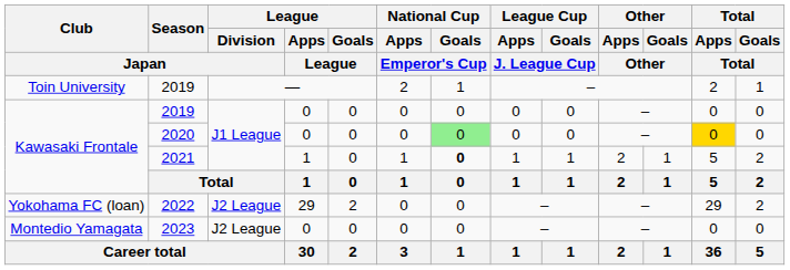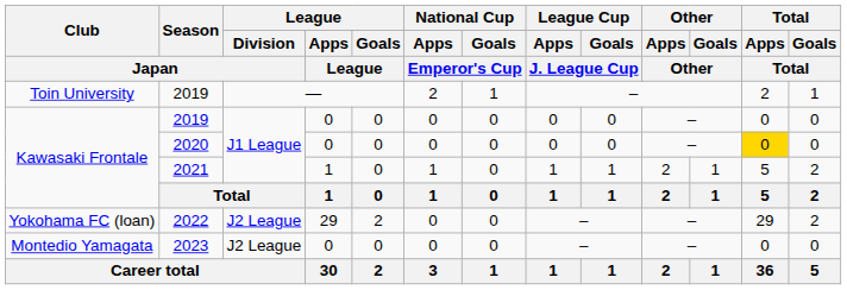 <table class="wikitable" style="text-align: center">
 <tr>
 <th rowspan="2">Club</th>
 <th rowspan="2">Season</th>
 <th colspan="3">League</th>
 <th colspan="2">National Cup</th>
 <th colspan="2">League Cup</th>
 <th colspan="2">Other</th>
 <th colspan="2">Total</th>
 </tr>
 <tr>
 <th>Division</th>
 <th>Apps</th>
 <th>Goals</th>
 <th>Apps</th>
 <th>Goals</th>
 <th>Apps</th>
 <th>Goals</th>
 <th>Apps</th>
 <th>Goals</th>
 <th>Apps</th>
 <th>Goals</th>
 </tr>
 <tr>
 <th colspan=3>Japan</th>
 <th colspan=2>League</th>
 <th colspan=2><a href='#'>Emperor's Cup</a></th>
 <th colspan=2><a href='#'>J. League Cup</a></th>
 <th colspan=2>Other</th>
 <th colspan=2>Total</th>
 </tr>
 <tr>
 <td><a href='#'>Toin University</a></td>
 <td>2019</td>
 <td colspan="3">—</td>
 <td>2</td>
 <td>1</td>
 <td colspan="4">–</td>
 <td>2</td>
 <td>1</td>
 </tr>
 <tr>
 <td rowspan="4"><a href='#'>Kawasaki Frontale</a></td>
 <td><a href='#'>2019</a></td>
 <td rowspan="3"><a href='#'>J1 League</a></td>
 <td>0</td>
 <td>0</td>
 <td>0</td>
 <td>0</td>
 <td>0</td>
 <td>0</td>
 <td colspan="2">–</td>
 <td>0</td>
 <td>0</td>
 </tr>
 <tr>
 <td><a href='#'>2020</a></td>
 <td>0</td>
 <td>0</td>
 <td>0</td>
-<td style="background: lightgreen;">0</td>
+<td>0</td>
 <td>0</td>
 <td>0</td>
 <td colspan="2">–</td>
 <td style="background: gold;">0</td>
 <td>0</td>
 </tr>
 <tr>
 <td><a href='#'>2021</a></td>
 <td>1</td>
 <td>0</td>
 <td>1</td>
-<td><strong>0</strong></td>
+<td>0</td>
 <td>1</td>
 <td>1</td>
 <td>2</td>
 <td>1</td>
 <td>5</td>
 <td>2</td>
 </tr>
 <tr>
 <th colspan=2>Total</th>
 <th>1</th>
 <th>0</th>
 <th>1</th>
 <th>0</th>
 <th>1</th>
 <th>1</th>
 <th>2</th>
 <th>1</th>
 <th>5</th>
 <th>2</th>
 </tr>
 <tr>
 <td><a href='#'>Yokohama FC</a> (loan)</td>
 <td><a href='#'>2022</a></td>
 <td><a href='#'>J2 League</a></td>
 <td>29</td>
 <td>2</td>
 <td>0</td>
 <td>0</td>
 <td colspan="2">–</td>
 <td colspan="2">–</td>
 <td>29</td>
 <td>2</td>
 </tr>
 <tr>
 <td><a href='#'>Montedio Yamagata</a></td>
 <td><a href='#'>2023</a></td>
 <td>J2 League</td>
 <td>0</td>
 <td>0</td>
 <td>0</td>
 <td>0</td>
 <td colspan="2">–</td>
 <td colspan="2">–</td>
 <td>0</td>
 <td>0</td>
 </tr>
 <tr>
 <th colspan=3>Career total</th>
 <th>30</th>
 <th>2</th>
 <th>3</th>
 <th>1</th>
 <th>1</th>
 <th>1</th>
 <th>2</th>
 <th>1</th>
 <th>36</th>
 <th>5</th>
 </tr>
 </table>
